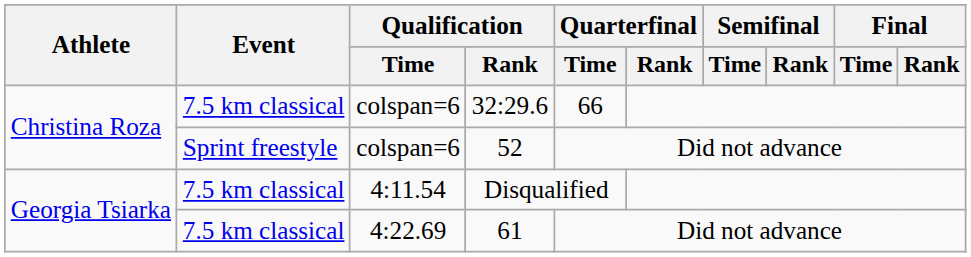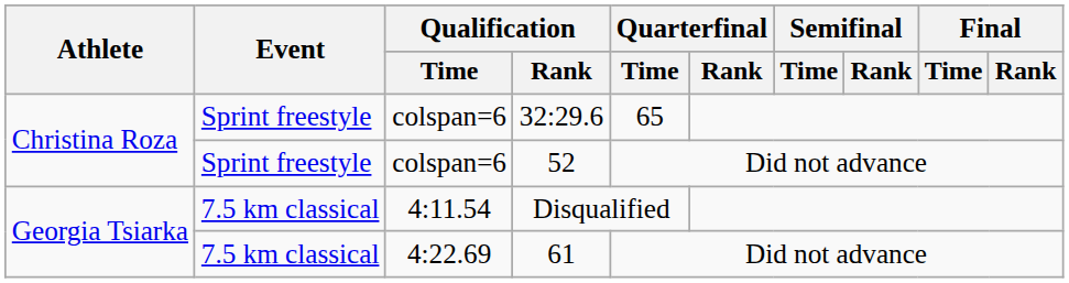 <table class="wikitable" style="font-size:90%">
 <tr>
 <th rowspan="2">Athlete</th>
 <th rowspan="2">Event</th>
 <th colspan="2">Qualification</th>
 <th colspan="2">Quarterfinal</th>
 <th colspan="2">Semifinal</th>
 <th colspan="2">Final</th>
 </tr>
 <tr style="font-size:95%">
 <th>Time</th>
 <th>Rank</th>
 <th>Time</th>
 <th>Rank</th>
 <th>Time</th>
 <th>Rank</th>
 <th>Time</th>
 <th>Rank</th>
 </tr>
 <tr align=center>
 <td align=left rowspan=2><a href='#'>Christina Roza</a></td>
-<td align=left><a href='#'>7.5 km classical</a></td>
+<td align=left><a href='#'>Sprint freestyle</a></td>
 <td>colspan=6</td>
 <td>32:29.6</td>
-<td>66</td>
+<td>65</td>
 </tr>
 <tr align=center>
 <td align=left><a href='#'>Sprint freestyle</a></td>
 <td>colspan=6</td>
 <td>52</td>
 <td colspan=6>Did not advance</td>
 </tr>
 <tr align=center>
 <td align=left rowspan=2><a href='#'>Georgia Tsiarka</a></td>
 <td align=left><a href='#'>7.5 km classical</a></td>
 <td>4:11.54</td>
 <td colspan=2>Disqualified</td>
 </tr>
 <tr align=center>
 <td align=left><a href='#'>7.5 km classical</a></td>
 <td>4:22.69</td>
 <td>61</td>
 <td colspan=6>Did not advance</td>
 </tr>
 </table>
